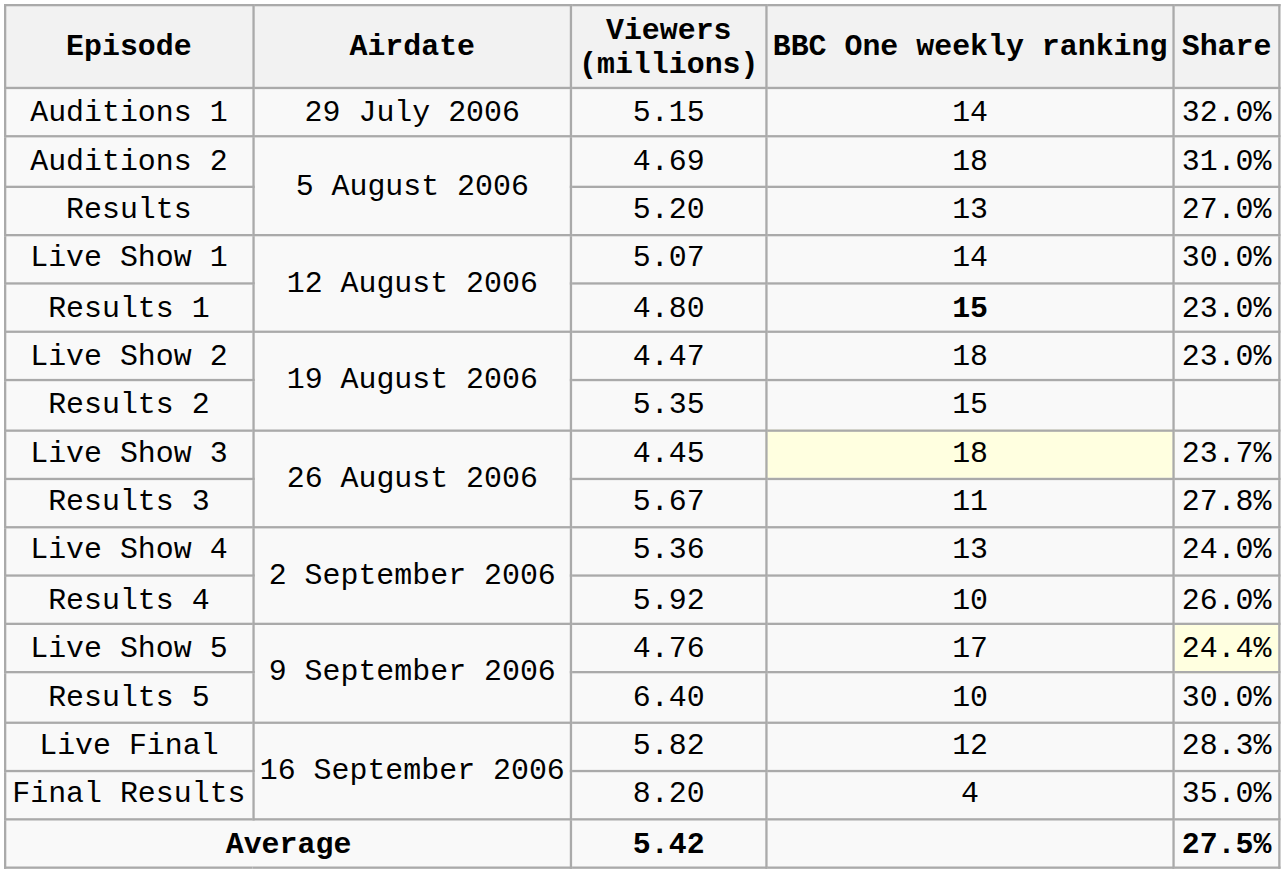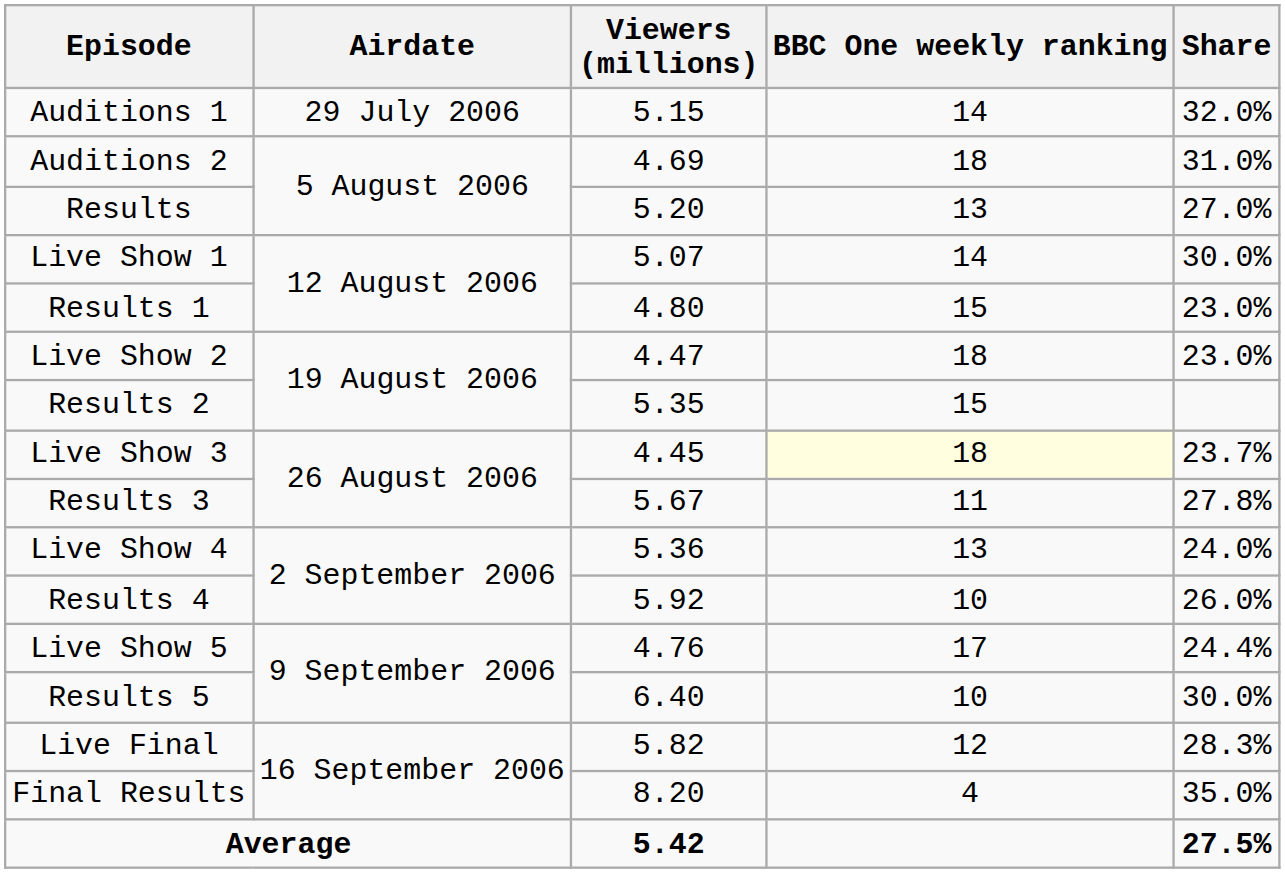 <table class="wikitable" style="text-align:center">
 <tr>
 <th>Episode</th>
 <th>Airdate</th>
 <th>Viewers<br>(millions)</th>
 <th>BBC One weekly ranking</th>
 <th>Share</th>
 </tr>
 <tr>
 <td>Auditions 1</td>
 <td>29 July 2006</td>
 <td>5.15</td>
 <td>14</td>
 <td>32.0%</td>
 </tr>
 <tr>
 <td>Auditions 2</td>
 <td rowspan="2">5 August 2006</td>
 <td>4.69</td>
 <td>18</td>
 <td>31.0%</td>
 </tr>
 <tr>
 <td>Results</td>
 <td>5.20</td>
 <td>13</td>
 <td>27.0%</td>
 </tr>
 <tr>
 <td>Live Show 1</td>
 <td rowspan="2">12 August 2006</td>
 <td>5.07</td>
 <td>14</td>
 <td>30.0%</td>
 </tr>
 <tr>
 <td>Results 1</td>
 <td>4.80</td>
-<td><strong>15</strong></td>
+<td>15</td>
 <td>23.0%</td>
 </tr>
 <tr>
 <td>Live Show 2</td>
 <td rowspan="2">19 August 2006</td>
 <td>4.47</td>
 <td>18</td>
 <td>23.0%</td>
 </tr>
 <tr>
 <td>Results 2</td>
 <td>5.35</td>
 <td>15</td>
 <td></td>
 </tr>
 <tr>
 <td>Live Show 3</td>
 <td rowspan="2">26 August 2006</td>
 <td>4.45</td>
 <td style="background: lightyellow;">18</td>
 <td>23.7%</td>
 </tr>
 <tr>
 <td>Results 3</td>
 <td>5.67</td>
 <td>11</td>
 <td>27.8%</td>
 </tr>
 <tr>
 <td>Live Show 4</td>
 <td rowspan="2">2 September 2006</td>
 <td>5.36</td>
 <td>13</td>
 <td>24.0%</td>
 </tr>
 <tr>
 <td>Results 4</td>
 <td>5.92</td>
 <td>10</td>
 <td>26.0%</td>
 </tr>
 <tr>
 <td>Live Show 5</td>
 <td rowspan="2">9 September 2006</td>
 <td>4.76</td>
 <td>17</td>
-<td style="background: lightyellow;">24.4%</td>
+<td>24.4%</td>
 </tr>
 <tr>
 <td>Results 5</td>
 <td>6.40</td>
 <td>10</td>
 <td>30.0%</td>
 </tr>
 <tr>
 <td>Live Final</td>
 <td rowspan="2">16 September 2006</td>
 <td>5.82</td>
 <td>12</td>
 <td>28.3%</td>
 </tr>
 <tr>
 <td>Final Results</td>
 <td>8.20</td>
 <td>4</td>
 <td>35.0%</td>
 </tr>
 <tr>
 <td colspan="2"><strong>Average</strong></td>
 <td><strong>5.42</strong></td>
 <td></td>
 <td><strong>27.5%</strong></td>
 </tr>
 </table>
